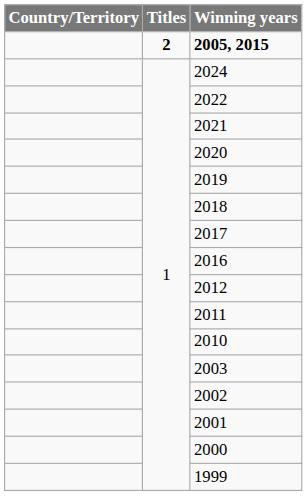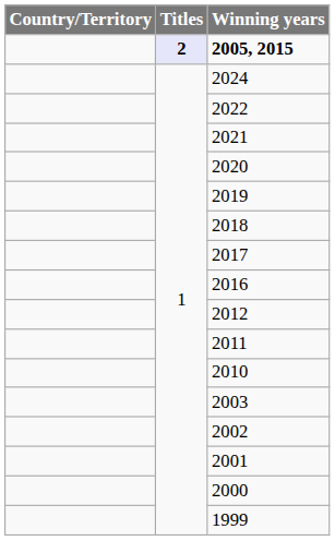 <table class="wikitable sortable" style="font-size: 92%;">
 <tr>
 <th style="background-color:#787878;color:#FFFFFF;">Country/Territory</th>
 <th style="background-color:#787878;color:#FFFFFF;">Titles</th>
 <th style="background-color:#787878;color:#FFFFFF;">Winning years</th>
 </tr>
 <tr>
 <td><strong></strong></td>
-<td rowspan="1" align="center"><strong>2</strong></td>
+<td rowspan="1" align="center" style="background: lavender;"><strong>2</strong></td>
 <td><strong>2005, 2015</strong></td>
 </tr>
 <tr>
 <td></td>
 <td rowspan="16" align="center">1</td>
 <td>2024</td>
 </tr>
 <tr>
 <td></td>
 <td>2022</td>
 </tr>
 <tr>
 <td></td>
 <td>2021</td>
 </tr>
 <tr>
 <td></td>
 <td>2020</td>
 </tr>
 <tr>
 <td></td>
 <td>2019</td>
 </tr>
 <tr>
 <td></td>
 <td>2018</td>
 </tr>
 <tr>
 <td></td>
 <td>2017</td>
 </tr>
 <tr>
 <td></td>
 <td>2016</td>
 </tr>
 <tr>
 <td></td>
 <td>2012</td>
 </tr>
 <tr>
 <td></td>
 <td>2011</td>
 </tr>
 <tr>
 <td></td>
 <td>2010</td>
 </tr>
 <tr>
 <td></td>
 <td>2003</td>
 </tr>
 <tr>
 <td></td>
 <td>2002</td>
 </tr>
 <tr>
 <td></td>
 <td>2001</td>
 </tr>
 <tr>
 <td></td>
 <td>2000</td>
 </tr>
 <tr>
 <td></td>
 <td>1999</td>
 </tr>
 </table>
